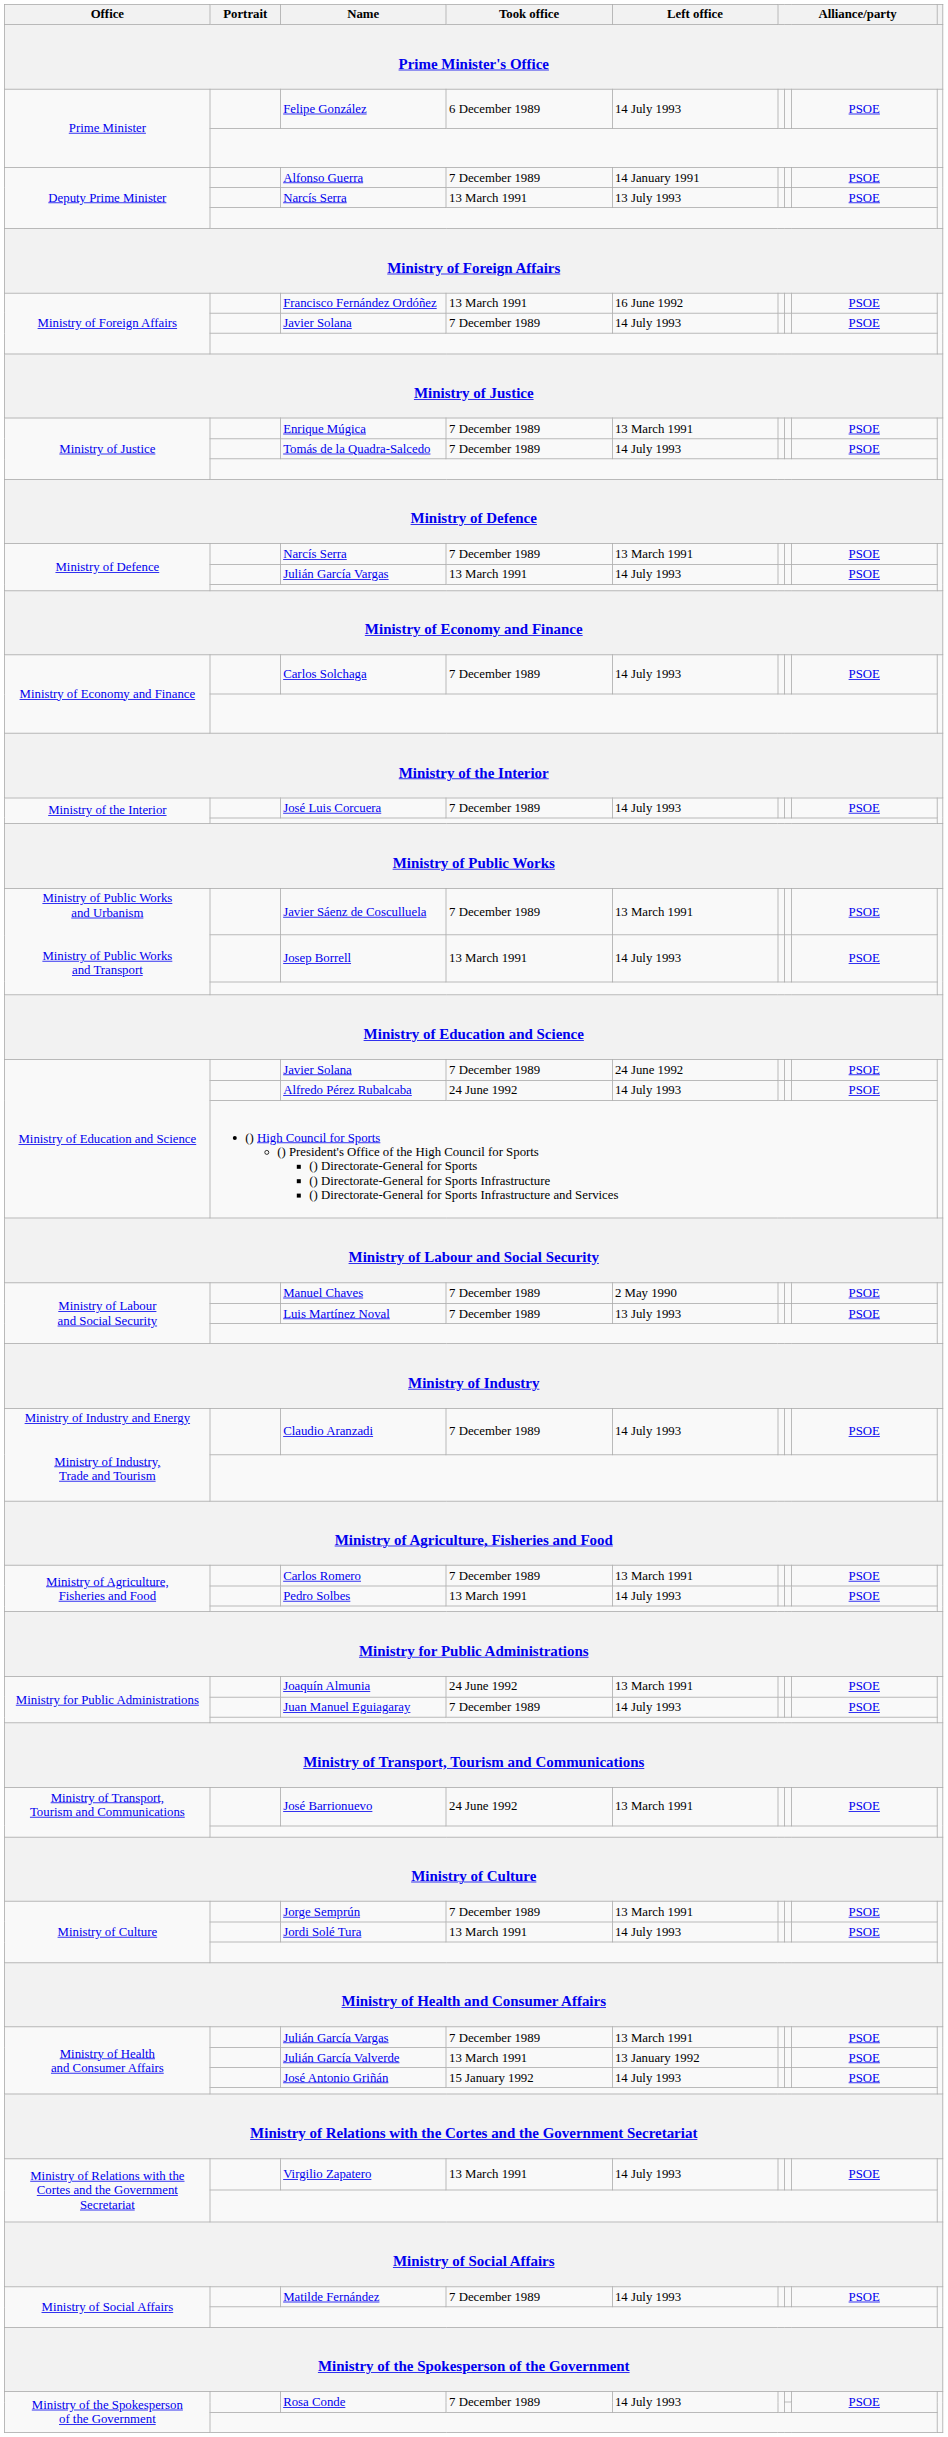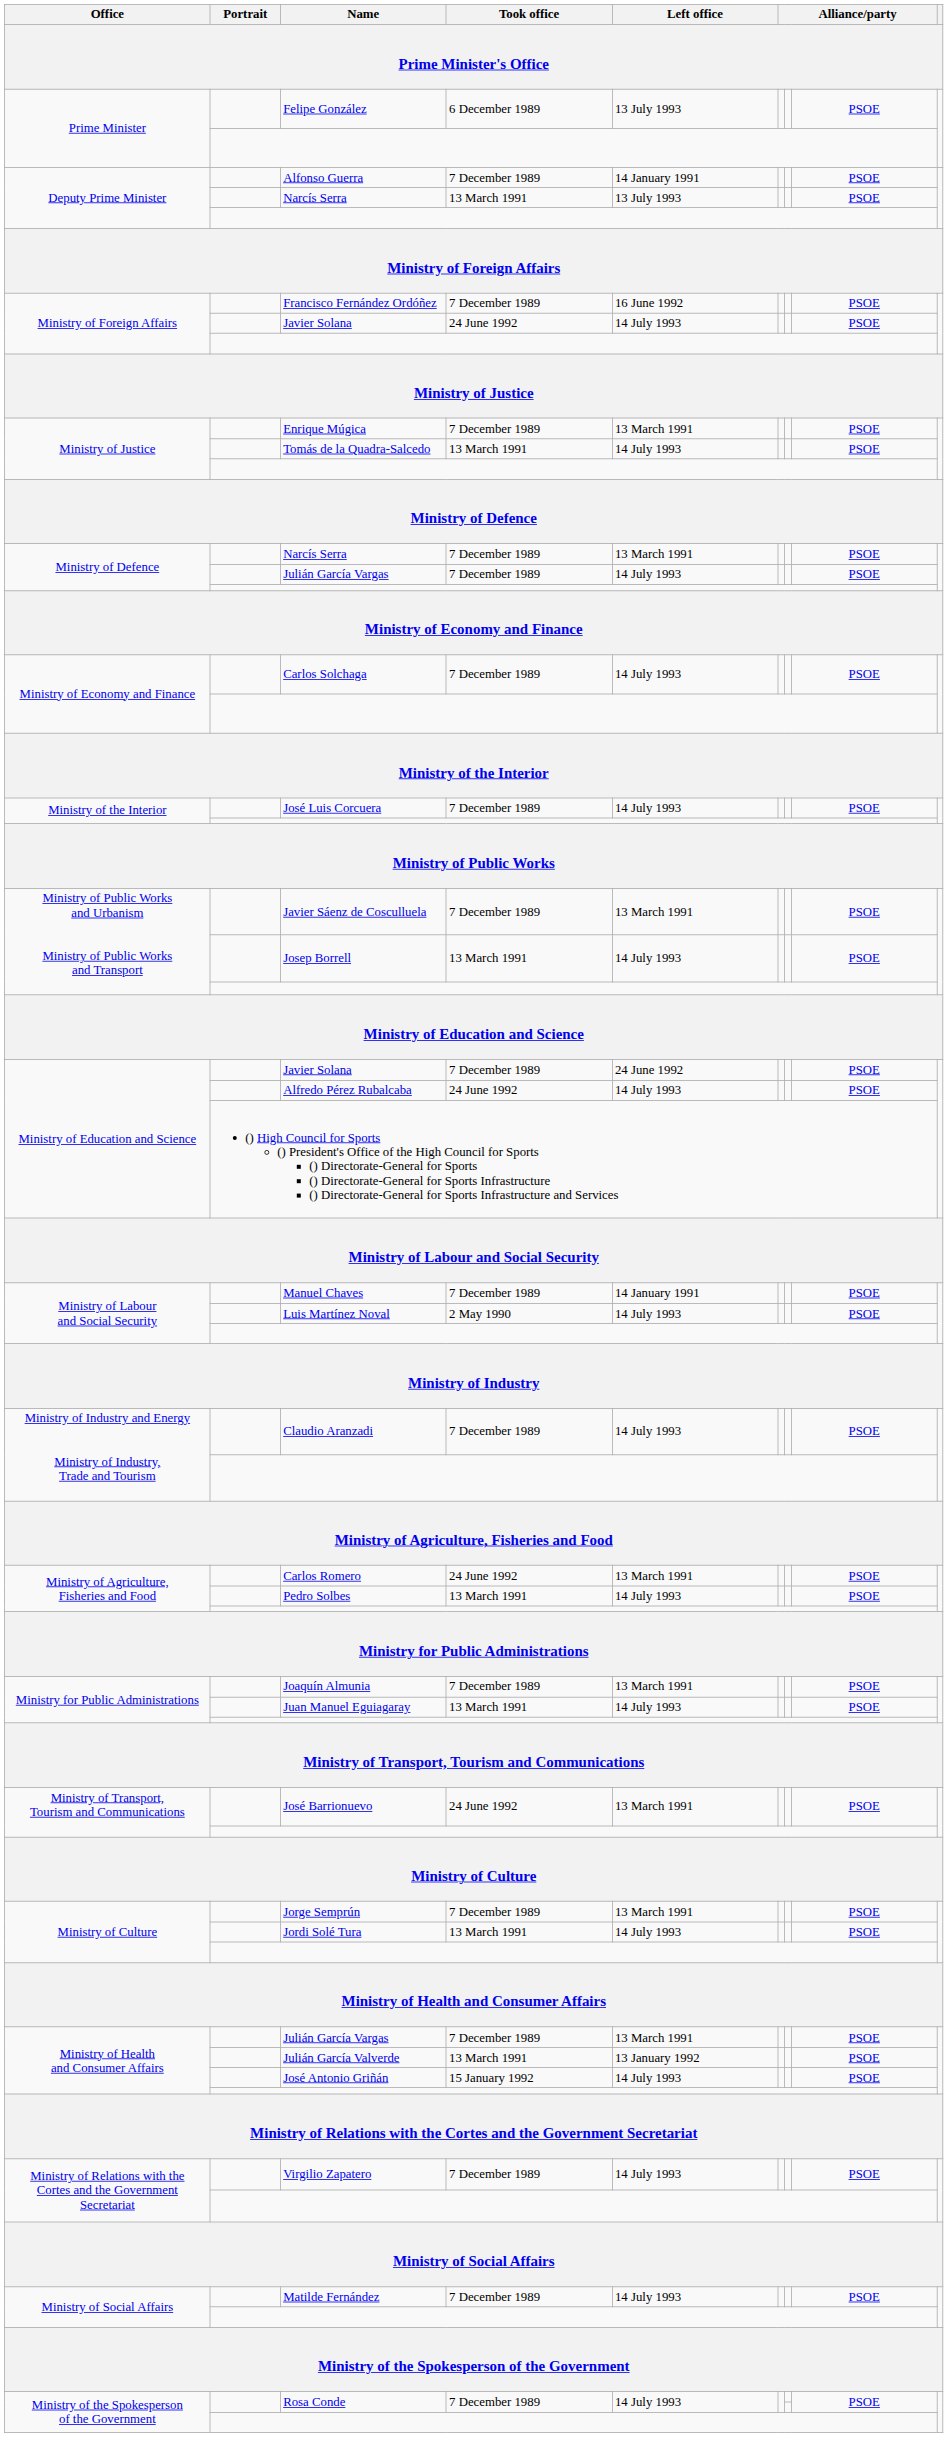 <table class="wikitable" style="line-height:18px;">
 <tr>
 <th scope="col">Office<br></th>
 <th scope="col">Portrait</th>
 <th scope="col">Name</th>
 <th scope="col">Took office</th>
 <th scope="col">Left office</th>
 <th colspan="3" scope="col">Alliance/party</th>
 <th></th>
 </tr>
 <tr>
 <th colspan="9"><br><h3><a href='#'>Prime Minister's Office</a></h3></th>
 </tr>
 <tr>
 <td align="center" rowspan="2" width="250"><a href='#'>Prime Minister</a><br></td>
 <td width="80"></td>
 <td width="200"><a href='#'>Felipe González</a></td>
 <td width="200">6 December 1989</td>
-<td>14 July 1993</td>
+<td width="200">13 July 1993</td>
 <td width="1" style="background-color:"></td>
 <td width="1" style="background-color:"></td>
 <td width="175" align="center"><a href='#'>PSOE</a></td>
 <td align="center" rowspan="2"><br><br><br><br><br></td>
 </tr>
 <tr>
 <td colspan="7"><br> </td>
 </tr>
 <tr>
 <td align="center" rowspan="3"><a href='#'>Deputy Prime Minister</a><br></td>
 <td></td>
 <td><a href='#'>Alfonso Guerra</a></td>
 <td>7 December 1989</td>
 <td>14 January 1991<br></td>
 <td style="background-color:"></td>
 <td style="background-color:"></td>
 <td align="center"><a href='#'>PSOE</a></td>
 <td align="center" rowspan="3"></td>
 </tr>
 <tr>
 <td></td>
 <td><a href='#'>Narcís Serra</a></td>
 <td>13 March 1991</td>
 <td width="200">13 July 1993</td>
 <td style="background-color:"></td>
 <td style="background-color:"></td>
 <td align="center"><a href='#'>PSOE</a><br></td>
 </tr>
 <tr>
 <td colspan="7"><br></td>
 </tr>
 <tr>
 <th colspan="9"><br><h3><a href='#'>Ministry of Foreign Affairs</a></h3></th>
 </tr>
 <tr>
 <td align="center" rowspan="3"><a href='#'>Ministry of Foreign Affairs</a><br></td>
 <td></td>
 <td><a href='#'>Francisco Fernández Ordóñez</a></td>
-<td>13 March 1991</td>
+<td>7 December 1989</td>
 <td>16 June 1992<br></td>
 <td style="background-color:"></td>
 <td style="background-color:"></td>
 <td align="center"><a href='#'>PSOE</a></td>
 <td align="center" rowspan="3"><br></td>
 </tr>
 <tr>
 <td></td>
 <td><a href='#'>Javier Solana</a></td>
-<td>7 December 1989</td>
+<td>24 June 1992</td>
 <td>14 July 1993</td>
 <td style="background-color:"></td>
 <td style="background-color:"></td>
 <td align="center"><a href='#'>PSOE</a></td>
 </tr>
 <tr>
 <td colspan="7"><br></td>
 </tr>
 <tr>
 <th colspan="9"><br><h3><a href='#'>Ministry of Justice</a></h3></th>
 </tr>
 <tr>
 <td align="center" rowspan="3"><a href='#'>Ministry of Justice</a><br></td>
 <td></td>
 <td><a href='#'>Enrique Múgica</a></td>
 <td>7 December 1989</td>
 <td>13 March 1991</td>
 <td style="background-color:"></td>
 <td style="background-color:"></td>
 <td align="center"><a href='#'>PSOE</a></td>
 <td align="center" rowspan="3"><br><br></td>
 </tr>
 <tr>
 <td></td>
 <td><a href='#'>Tomás de la Quadra-Salcedo</a></td>
-<td>7 December 1989</td>
+<td>13 March 1991</td>
 <td>14 July 1993</td>
 <td style="background-color:"></td>
 <td style="background-color:"></td>
 <td align="center"><a href='#'>PSOE</a></td>
 </tr>
 <tr>
 <td colspan="7"><br> </td>
 </tr>
 <tr>
 <th colspan="9"><br><h3><a href='#'>Ministry of Defence</a></h3></th>
 </tr>
 <tr>
 <td align="center" rowspan="3"><a href='#'>Ministry of Defence</a><br></td>
 <td></td>
 <td><a href='#'>Narcís Serra</a></td>
 <td>7 December 1989</td>
 <td>13 March 1991</td>
 <td style="background-color:"></td>
 <td style="background-color:"></td>
 <td align="center"><a href='#'>PSOE</a><br></td>
 <td align="center" rowspan="3"></td>
 </tr>
 <tr>
 <td></td>
 <td><a href='#'>Julián García Vargas</a></td>
-<td>13 March 1991</td>
+<td>7 December 1989</td>
 <td>14 July 1993</td>
 <td style="background-color:"></td>
 <td style="background-color:"></td>
 <td align="center"><a href='#'>PSOE</a></td>
 </tr>
 <tr>
 <td colspan="7"></td>
 </tr>
 <tr>
 <th colspan="9"><br><h3><a href='#'>Ministry of Economy and Finance</a></h3></th>
 </tr>
 <tr>
 <td align="center" rowspan="2"><a href='#'>Ministry of Economy and Finance</a><br></td>
 <td></td>
 <td><a href='#'>Carlos Solchaga</a></td>
 <td>7 December 1989</td>
 <td>14 July 1993</td>
 <td style="background-color:"></td>
 <td style="background-color:"></td>
 <td align="center"><a href='#'>PSOE</a></td>
 <td align="center" rowspan="2"><br><br><br><br><br></td>
 </tr>
 <tr>
 <td colspan="7"><br>  </td>
 </tr>
 <tr>
 <th colspan="9"><br><h3><a href='#'>Ministry of the Interior</a></h3></th>
 </tr>
 <tr>
 <td align="center" rowspan="2"><a href='#'>Ministry of the Interior</a><br></td>
 <td></td>
 <td><a href='#'>José Luis Corcuera</a></td>
 <td>7 December 1989</td>
 <td>14 July 1993</td>
 <td style="background-color:"></td>
 <td style="background-color:"></td>
 <td align="center"><a href='#'>PSOE</a></td>
 <td align="center" rowspan="2"></td>
 </tr>
 <tr>
 <td colspan="7"></td>
 </tr>
 <tr>
 <th colspan="9"><br><h3><a href='#'>Ministry of Public Works</a></h3></th>
 </tr>
 <tr>
 <td align="center" rowspan="3"><a href='#'>Ministry of Public Works<br>and Urbanism</a><br><br><br><a href='#'>Ministry of Public Works<br>and Transport</a><br><br></td>
 <td></td>
 <td><a href='#'>Javier Sáenz de Cosculluela</a></td>
 <td>7 December 1989</td>
 <td>13 March 1991</td>
 <td style="background-color:"></td>
 <td style="background-color:"></td>
 <td align="center"><a href='#'>PSOE</a></td>
 <td align="center" rowspan="3"></td>
 </tr>
 <tr>
 <td></td>
 <td><a href='#'>Josep Borrell</a></td>
 <td>13 March 1991</td>
 <td>14 July 1993</td>
 <td style="background-color:"></td>
 <td style="background-color:"></td>
 <td align="center"><a href='#'>PSOE</a></td>
 </tr>
 <tr>
 <td colspan="7"></td>
 </tr>
 <tr>
 <th colspan="9"><br><h3><a href='#'>Ministry of Education and Science</a></h3></th>
 </tr>
 <tr>
 <td align="center" rowspan="3"><a href='#'>Ministry of Education and Science</a><br></td>
 <td></td>
 <td><a href='#'>Javier Solana</a></td>
 <td>7 December 1989</td>
 <td>24 June 1992</td>
 <td style="background-color:"></td>
 <td style="background-color:"></td>
 <td align="center"><a href='#'>PSOE</a></td>
 <td align="center" rowspan="3"></td>
 </tr>
 <tr>
 <td></td>
 <td><a href='#'>Alfredo Pérez Rubalcaba</a></td>
 <td>24 June 1992</td>
 <td>14 July 1993</td>
 <td style="background-color:"></td>
 <td style="background-color:"></td>
 <td align="center"><a href='#'>PSOE</a></td>
 </tr>
 <tr>
 <td colspan="7"><br><ul><li>() <a href='#'>High Council for Sports</a><ul><li>() President's Office of the High Council for Sports<ul><li>() Directorate-General for Sports</li><li>() Directorate-General for Sports Infrastructure </li><li>() Directorate-General for Sports Infrastructure and Services </li></ul></li></ul></li></ul></td>
 </tr>
 <tr>
 <th colspan="9"><br><h3><a href='#'>Ministry of Labour and Social Security</a></h3></th>
 </tr>
 <tr>
 <td align="center" rowspan="3"><a href='#'>Ministry of Labour<br>and Social Security</a><br></td>
 <td></td>
 <td><a href='#'>Manuel Chaves</a></td>
 <td>7 December 1989</td>
-<td>2 May 1990</td>
+<td>14 January 1991<br></td>
 <td style="background-color:"></td>
 <td style="background-color:"></td>
 <td align="center"><a href='#'>PSOE</a></td>
 <td align="center" rowspan="3"><br><br></td>
 </tr>
 <tr>
 <td></td>
 <td><a href='#'>Luis Martínez Noval</a></td>
-<td>7 December 1989</td>
-<td width="200">13 July 1993</td>
+<td>2 May 1990</td>
+<td>14 July 1993</td>
 <td style="background-color:"></td>
 <td style="background-color:"></td>
 <td align="center"><a href='#'>PSOE</a></td>
 </tr>
 <tr>
 <td colspan="7"><br></td>
 </tr>
 <tr>
 <th colspan="9"><br><h3><a href='#'>Ministry of Industry</a></h3></th>
 </tr>
 <tr>
 <td align="center" rowspan="2"><a href='#'>Ministry of Industry and Energy</a><br><br><br><a href='#'>Ministry of Industry,<br>Trade and Tourism</a><br><br></td>
 <td></td>
 <td><a href='#'>Claudio Aranzadi</a></td>
 <td>7 December 1989</td>
 <td>14 July 1993</td>
 <td style="background-color:"></td>
 <td style="background-color:"></td>
 <td align="center"><a href='#'>PSOE</a><br></td>
 <td align="center" rowspan="2"><br><br></td>
 </tr>
 <tr>
 <td colspan="7"><br>  </td>
 </tr>
 <tr>
 <th colspan="9"><br><h3><a href='#'>Ministry of Agriculture, Fisheries and Food</a></h3></th>
 </tr>
 <tr>
 <td align="center" rowspan="3"><a href='#'>Ministry of Agriculture,<br>Fisheries and Food</a><br></td>
 <td></td>
 <td><a href='#'>Carlos Romero</a></td>
-<td>7 December 1989</td>
+<td>24 June 1992</td>
 <td>13 March 1991</td>
 <td style="background-color:"></td>
 <td style="background-color:"></td>
 <td align="center"><a href='#'>PSOE</a></td>
 <td align="center" rowspan="3"></td>
 </tr>
 <tr>
 <td></td>
 <td><a href='#'>Pedro Solbes</a></td>
 <td>13 March 1991</td>
 <td>14 July 1993</td>
 <td style="background-color:"></td>
 <td style="background-color:"></td>
 <td align="center"><a href='#'>PSOE</a><br></td>
 </tr>
 <tr>
 <td colspan="7"></td>
 </tr>
 <tr>
 <th colspan="9"><br><h3><a href='#'>Ministry for Public Administrations</a></h3></th>
 </tr>
 <tr>
 <td align="center" rowspan="3"><a href='#'>Ministry for Public Administrations</a><br></td>
 <td></td>
 <td><a href='#'>Joaquín Almunia</a></td>
-<td>24 June 1992</td>
+<td>7 December 1989</td>
 <td>13 March 1991</td>
 <td style="background-color:"></td>
 <td style="background-color:"></td>
 <td align="center"><a href='#'>PSOE</a></td>
 <td align="center" rowspan="3"></td>
 </tr>
 <tr>
 <td></td>
 <td><a href='#'>Juan Manuel Eguiagaray</a></td>
-<td>7 December 1989</td>
+<td>13 March 1991</td>
 <td>14 July 1993</td>
 <td style="background-color:"></td>
 <td style="background-color:"></td>
 <td align="center"><a href='#'>PSOE</a></td>
 </tr>
 <tr>
 <td colspan="7"></td>
 </tr>
 <tr>
 <th colspan="9"><br><h3><a href='#'>Ministry of Transport, Tourism and Communications</a></h3></th>
 </tr>
 <tr>
 <td align="center" rowspan="2"><a href='#'>Ministry of Transport,<br>Tourism and Communications</a><br><br></td>
 <td></td>
 <td><a href='#'>José Barrionuevo</a></td>
 <td>24 June 1992</td>
 <td>13 March 1991</td>
 <td style="background-color:"></td>
 <td style="background-color:"></td>
 <td align="center"><a href='#'>PSOE</a></td>
 <td align="center" rowspan="2"></td>
 </tr>
 <tr>
 <td colspan="7"></td>
 </tr>
 <tr>
 <th colspan="9"><br><h3><a href='#'>Ministry of Culture</a></h3></th>
 </tr>
 <tr>
 <td align="center" rowspan="3"><a href='#'>Ministry of Culture</a><br></td>
 <td></td>
 <td><a href='#'>Jorge Semprún</a></td>
 <td>7 December 1989</td>
 <td>13 March 1991</td>
 <td style="background-color:"></td>
 <td style="background-color:"></td>
 <td align="center"><a href='#'>PSOE</a><br></td>
 <td align="center" rowspan="3"><br></td>
 </tr>
 <tr>
 <td></td>
 <td><a href='#'>Jordi Solé Tura</a></td>
 <td>13 March 1991</td>
 <td>14 July 1993</td>
 <td style="background-color:"></td>
 <td style="background-color:"></td>
 <td align="center"><a href='#'>PSOE</a><br></td>
 </tr>
 <tr>
 <td colspan="7"><br></td>
 </tr>
 <tr>
 <th colspan="9"><br><h3><a href='#'>Ministry of Health and Consumer Affairs</a></h3></th>
 </tr>
 <tr>
 <td align="center" rowspan="4"><a href='#'>Ministry of Health<br>and Consumer Affairs</a><br></td>
 <td></td>
 <td><a href='#'>Julián García Vargas</a></td>
 <td>7 December 1989</td>
 <td>13 March 1991</td>
 <td style="background-color:"></td>
 <td style="background-color:"></td>
 <td align="center"><a href='#'>PSOE</a></td>
 <td align="center" rowspan="4"></td>
 </tr>
 <tr>
 <td></td>
 <td><a href='#'>Julián García Valverde</a></td>
 <td>13 March 1991</td>
 <td>13 January 1992<br></td>
 <td style="background-color:"></td>
 <td style="background-color:"></td>
 <td align="center"><a href='#'>PSOE</a></td>
 </tr>
 <tr>
 <td></td>
 <td><a href='#'>José Antonio Griñán</a></td>
 <td>15 January 1992</td>
 <td>14 July 1993</td>
 <td style="background-color:"></td>
 <td style="background-color:"></td>
 <td align="center"><a href='#'>PSOE</a></td>
 </tr>
 <tr>
 <td colspan="7"></td>
 </tr>
 <tr>
 <th colspan="9"><br><h3><a href='#'>Ministry of Relations with the Cortes and the Government Secretariat</a></h3></th>
 </tr>
 <tr>
 <td align="center" rowspan="2"><a href='#'>Ministry of Relations with the<br>Cortes and the Government<br>Secretariat</a><br></td>
 <td></td>
 <td><a href='#'>Virgilio Zapatero</a></td>
-<td>13 March 1991</td>
+<td>7 December 1989</td>
 <td>14 July 1993</td>
 <td style="background-color:"></td>
 <td style="background-color:"></td>
 <td align="center"><a href='#'>PSOE</a></td>
 <td align="center" rowspan="2"><br><br><br><br></td>
 </tr>
 <tr>
 <td colspan="7"><br></td>
 </tr>
 <tr>
 <th colspan="9"><br><h3><a href='#'>Ministry of Social Affairs</a></h3></th>
 </tr>
 <tr>
 <td align="center" rowspan="2"><a href='#'>Ministry of Social Affairs</a><br></td>
 <td></td>
 <td><a href='#'>Matilde Fernández</a></td>
 <td>7 December 1989</td>
 <td>14 July 1993</td>
 <td style="background-color:"></td>
 <td style="background-color:"></td>
 <td align="center"><a href='#'>PSOE</a></td>
 <td align="center" rowspan="2"><br></td>
 </tr>
 <tr>
 <td colspan="7"><br></td>
 </tr>
 <tr>
 <th colspan="9"><br><h3><a href='#'>Ministry of the Spokesperson of the Government</a></h3></th>
 </tr>
 <tr>
 <td align="center" rowspan="3"><a href='#'>Ministry of the Spokesperson<br>of the Government</a><br></td>
 <td rowspan="2"></td>
 <td rowspan="2"><a href='#'>Rosa Conde</a></td>
 <td rowspan="2">7 December 1989</td>
 <td rowspan="2">14 July 1993</td>
 <td rowspan="2" style="background-color:"></td>
 <td style="background-color:"></td>
 <td align="center" rowspan="2"><a href='#'>PSOE</a><br></td>
 <td align="center" rowspan="3"></td>
 </tr>
 <tr>
 <td style="background-color:"></td>
 </tr>
 <tr>
 <td colspan="7"><br></td>
 </tr>
 </table>
